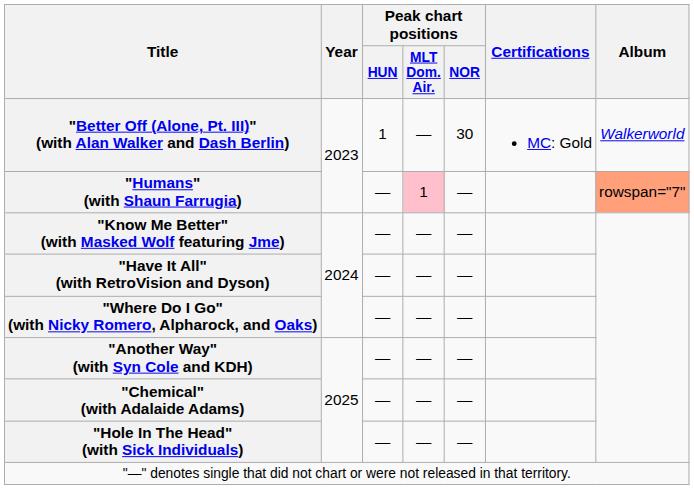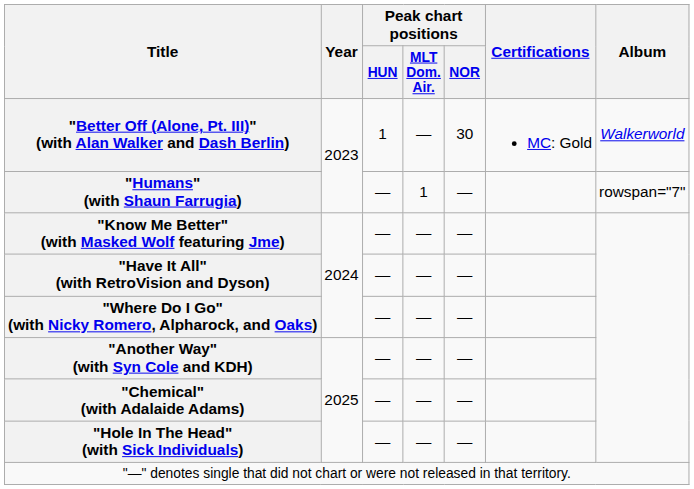 <table class="wikitable plainrowheaders" style="text-align:center">
 <tr>
 <th scope="col" rowspan="2">Title</th>
 <th scope="col" rowspan="2">Year</th>
 <th scope="col" colspan="3">Peak chart positions</th>
 <th scope="col" rowspan="2"><a href='#'>Certifications</a></th>
 <th scope="col" rowspan="2">Album</th>
 </tr>
 <tr>
 <th scope="col" style="width:2.5em;font-size:90%;"><a href='#'>HUN</a><br></th>
 <th scope="col" style="width:2.5em;font-size:90%;"><a href='#'>MLT<br>Dom.<br>Air.</a><br></th>
 <th scope="col" style="width:2.5em;font-size:90%;"><a href='#'>NOR</a><br></th>
 </tr>
 <tr>
 <th scope="row">"<a href='#'>Better Off (Alone, Pt. III)</a>"<br><span>(with <a href='#'>Alan Walker</a> and <a href='#'>Dash Berlin</a>)</span></th>
 <td rowspan="2">2023</td>
 <td>1</td>
 <td>—</td>
 <td>30</td>
 <td><br><ul><li><a href='#'>MC</a>: Gold</li></ul></td>
 <td><em><a href='#'>Walkerworld</a></em></td>
 </tr>
 <tr>
 <th scope="row">"<a href='#'>Humans</a>"<br><span>(with <a href='#'>Shaun Farrugia</a>)</span></th>
 <td>—</td>
-<td style="background: pink;">1</td>
+<td>1</td>
 <td>—</td>
 <td></td>
-<td style="background: lightsalmon;">rowspan="7" </td>
+<td>rowspan="7" </td>
 </tr>
 <tr>
 <th scope="row">"Know Me Better"<br><span>(with <a href='#'>Masked Wolf</a> featuring <a href='#'>Jme</a>)</span></th>
 <td rowspan="3">2024</td>
 <td>—</td>
 <td>—</td>
 <td>—</td>
 <td></td>
 </tr>
 <tr>
 <th scope="row">"Have It All"<br><span>(with RetroVision and Dyson)</span></th>
 <td>—</td>
 <td>—</td>
 <td>—</td>
 <td></td>
 </tr>
 <tr>
 <th scope="row">"Where Do I Go"<br><span>(with <a href='#'>Nicky Romero</a>, Alpharock, and <a href='#'>Oaks</a>)</span></th>
 <td>—</td>
 <td>—</td>
 <td>—</td>
 <td></td>
 </tr>
 <tr>
 <th scope="row">"Another Way"<br><span>(with <a href='#'>Syn Cole</a> and KDH)</span></th>
 <td rowspan="3">2025</td>
 <td>—</td>
 <td>—</td>
 <td>—</td>
 <td></td>
 </tr>
 <tr>
 <th scope="row">"Chemical"<br><span>(with Adalaide Adams)</span></th>
 <td>—</td>
 <td>—</td>
 <td>—</td>
 <td></td>
 </tr>
 <tr>
 <th scope="row">"Hole In The Head"<br><span>(with <a href='#'>Sick Individuals</a>)</span></th>
 <td>—</td>
 <td>—</td>
 <td>—</td>
 <td></td>
 </tr>
 <tr>
 <td colspan="10" style="font-size:90%">"—" denotes single that did not chart or were not released in that territory.</td>
 </tr>
 </table>
